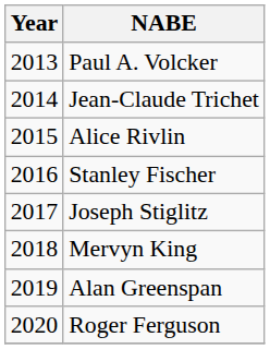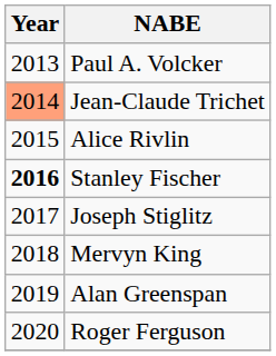 <table class=wikitable>
 <tr>
 <th>Year</th>
 <th>NABE</th>
 </tr>
 <tr>
 <td>2013</td>
 <td>Paul A. Volcker</td>
 </tr>
 <tr>
-<td>2014</td>
+<td style="background: lightsalmon;">2014</td>
 <td>Jean-Claude Trichet</td>
 </tr>
 <tr>
 <td>2015</td>
 <td>Alice Rivlin</td>
 </tr>
 <tr>
-<td>2016</td>
+<td><strong>2016</strong></td>
 <td>Stanley Fischer</td>
 </tr>
 <tr>
 <td>2017</td>
 <td>Joseph Stiglitz</td>
 </tr>
 <tr>
 <td>2018</td>
 <td>Mervyn King</td>
 </tr>
 <tr>
 <td>2019</td>
 <td>Alan Greenspan</td>
 </tr>
 <tr>
 <td>2020</td>
 <td>Roger Ferguson</td>
 </tr>
 <tr>
 </tr>
 </table>
